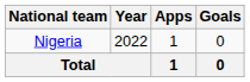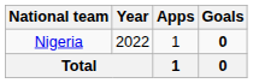 <table class="wikitable" style="text-align:center">
 <tr>
 <th>National team</th>
 <th>Year</th>
 <th>Apps</th>
 <th>Goals</th>
 </tr>
 <tr>
 <td rowspan=1><a href='#'>Nigeria</a></td>
 <td>2022</td>
 <td>1</td>
-<td>0</td>
+<td><strong>0</strong></td>
 </tr>
 <tr>
 <th colspan=2>Total</th>
 <th>1</th>
 <th>0</th>
 </tr>
 </table>
